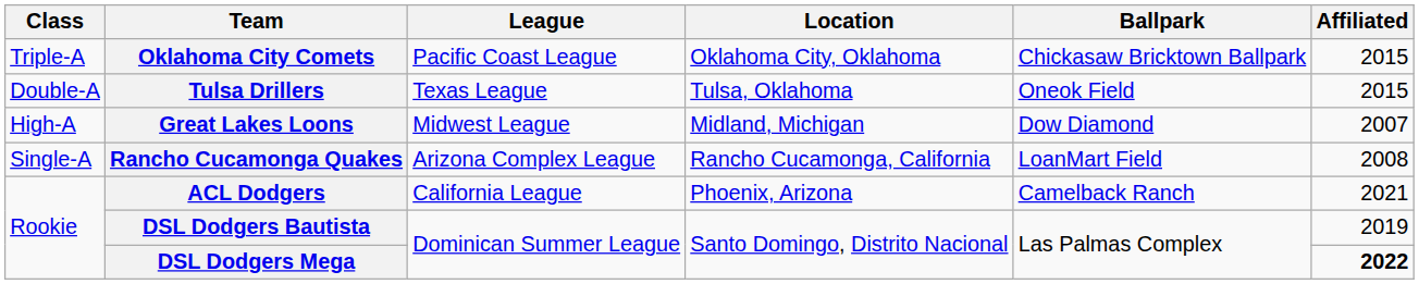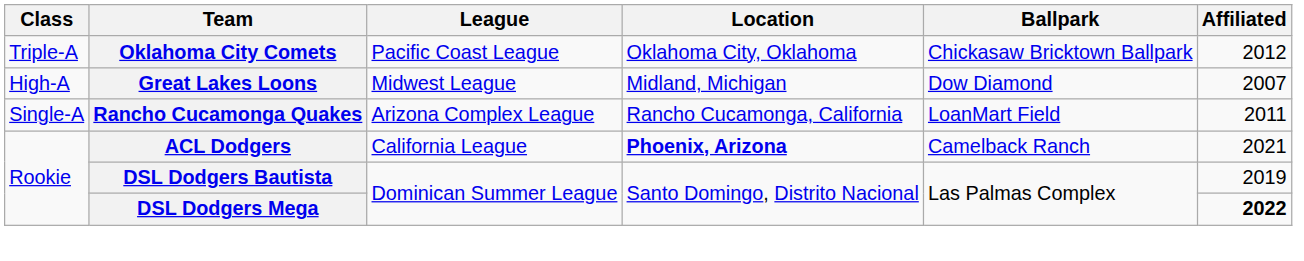 <table class="wikitable plainrowheaders sortable">
 <tr>
 <th scope="col">Class</th>
 <th scope="col">Team</th>
 <th scope="col">League</th>
 <th scope="col">Location</th>
 <th scope="col">Ballpark</th>
 <th scope="col">Affiliated</th>
 </tr>
 <tr>
 <td><a href='#'>Triple-A</a></td>
 <th scope="row"><a href='#'>Oklahoma City Comets</a></th>
 <td><a href='#'>Pacific Coast League</a></td>
 <td><a href='#'>Oklahoma City, Oklahoma</a></td>
 <td><a href='#'>Chickasaw Bricktown Ballpark</a></td>
-<td align="right">2015</td>
-</tr>
-<tr>
-<td><a href='#'>Double-A</a></td>
-<th scope="row"><a href='#'>Tulsa Drillers</a></th>
-<td><a href='#'>Texas League</a></td>
-<td><a href='#'>Tulsa, Oklahoma</a></td>
-<td><a href='#'>Oneok Field</a></td>
-<td align="right">2015</td>
+<td align="right">2012</td>
 </tr>
 <tr>
 <td><a href='#'>High-A</a></td>
 <th scope="row"><a href='#'>Great Lakes Loons</a></th>
 <td><a href='#'>Midwest League</a></td>
 <td><a href='#'>Midland, Michigan</a></td>
 <td><a href='#'>Dow Diamond</a></td>
 <td align="right">2007</td>
 </tr>
 <tr>
 <td><a href='#'>Single-A</a></td>
 <th scope="row"><a href='#'>Rancho Cucamonga Quakes</a></th>
 <td><a href='#'>Arizona Complex League</a></td>
 <td><a href='#'>Rancho Cucamonga, California</a></td>
 <td><a href='#'>LoanMart Field</a></td>
-<td align="right">2008</td>
+<td align="right">2011</td>
 </tr>
 <tr>
 <td rowspan=3><a href='#'>Rookie</a></td>
 <th scope="row"><a href='#'>ACL Dodgers</a></th>
 <td><a href='#'>California League</a></td>
-<td><a href='#'>Phoenix, Arizona</a></td>
+<td><strong><a href='#'>Phoenix, Arizona</a></strong></td>
 <td><a href='#'>Camelback Ranch</a></td>
 <td align="right">2021</td>
 </tr>
 <tr>
 <th scope="row"><a href='#'>DSL Dodgers Bautista</a></th>
 <td rowspan=2><a href='#'>Dominican Summer League</a></td>
 <td rowspan=2><a href='#'>Santo Domingo</a>, <a href='#'>Distrito Nacional</a></td>
 <td rowspan=2>Las Palmas Complex</td>
 <td align="right">2019</td>
 </tr>
 <tr>
 <th scope="row"><a href='#'>DSL Dodgers Mega</a></th>
 <td align="right"><strong>2022</strong></td>
 </tr>
 </table>
